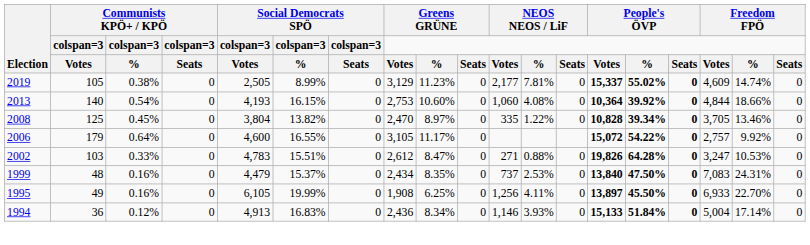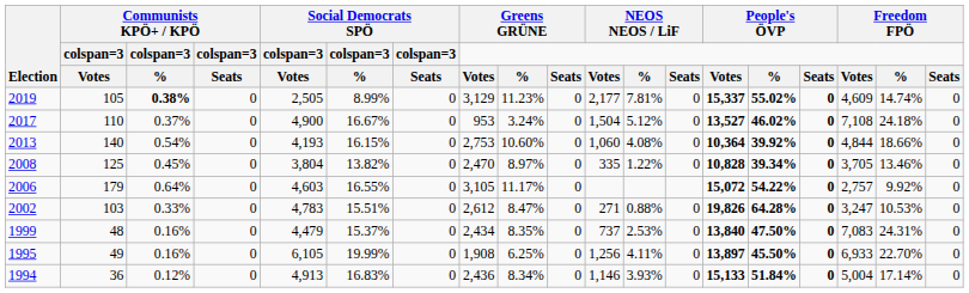 <table class="wikitable" border="1" style="font-size:100%; text-align:right;">
 <tr>
 <th style="text-align:left;" valign=bottom rowspan=3>Election</th>
 <th valign=bottom colspan=3><a href='#'>Communists</a><br>KPÖ+ / KPÖ</th>
 <th valign=bottom colspan=3><a href='#'>Social Democrats</a><br>SPÖ</th>
 <th valign=bottom colspan=3><a href='#'>Greens</a><br>GRÜNE</th>
 <th valign=bottom colspan=3><a href='#'>NEOS</a><br>NEOS / LiF</th>
 <th valign=bottom colspan=3><a href='#'>People's</a><br>ÖVP</th>
 <th valign=bottom colspan=3><a href='#'>Freedom</a><br>FPÖ</th>
 </tr>
 <tr>
 <th>colspan=3 </th>
 <th>colspan=3 </th>
 <th>colspan=3 </th>
 <th>colspan=3 </th>
 <th>colspan=3 </th>
 <th>colspan=3 </th>
 </tr>
 <tr>
 <th>Votes</th>
 <th>%</th>
 <th>Seats</th>
 <th>Votes</th>
 <th>%</th>
 <th>Seats</th>
 <th>Votes</th>
 <th>%</th>
 <th>Seats</th>
 <th>Votes</th>
 <th>%</th>
 <th>Seats</th>
 <th>Votes</th>
 <th>%</th>
 <th>Seats</th>
 <th>Votes</th>
 <th>%</th>
 <th>Seats</th>
 </tr>
 <tr>
 <td align=left><a href='#'>2019</a></td>
 <td>105</td>
-<td>0.38%</td>
+<td><strong>0.38%</strong></td>
 <td>0</td>
 <td>2,505</td>
 <td>8.99%</td>
 <td>0</td>
 <td>3,129</td>
 <td>11.23%</td>
 <td>0</td>
 <td>2,177</td>
 <td>7.81%</td>
 <td>0</td>
 <td><strong>15,337</strong></td>
 <td><strong>55.02%</strong></td>
 <td><strong>0</strong></td>
 <td>4,609</td>
 <td>14.74%</td>
+<td>0</td>
+</tr>
+<tr>
+<td align=left><a href='#'>2017</a></td>
+<td>110</td>
+<td>0.37%</td>
+<td>0</td>
+<td>4,900</td>
+<td>16.67%</td>
+<td>0</td>
+<td>953</td>
+<td>3.24%</td>
+<td>0</td>
+<td>1,504</td>
+<td>5.12%</td>
+<td>0</td>
+<td><strong>13,527</strong></td>
+<td><strong>46.02%</strong></td>
+<td><strong>0</strong></td>
+<td>7,108</td>
+<td>24.18%</td>
 <td>0</td>
 </tr>
 <tr>
 <td align=left><a href='#'>2013</a></td>
 <td>140</td>
 <td>0.54%</td>
 <td>0</td>
 <td>4,193</td>
 <td>16.15%</td>
 <td>0</td>
 <td>2,753</td>
 <td>10.60%</td>
 <td>0</td>
 <td>1,060</td>
 <td>4.08%</td>
 <td>0</td>
 <td><strong>10,364</strong></td>
 <td><strong>39.92%</strong></td>
 <td><strong>0</strong></td>
 <td>4,844</td>
 <td>18.66%</td>
 <td>0</td>
 </tr>
 <tr>
 <td align=left><a href='#'>2008</a></td>
 <td>125</td>
 <td>0.45%</td>
 <td>0</td>
 <td>3,804</td>
 <td>13.82%</td>
 <td>0</td>
 <td>2,470</td>
 <td>8.97%</td>
 <td>0</td>
 <td>335</td>
 <td>1.22%</td>
 <td>0</td>
 <td><strong>10,828</strong></td>
 <td><strong>39.34%</strong></td>
 <td><strong>0</strong></td>
 <td>3,705</td>
 <td>13.46%</td>
 <td>0</td>
 </tr>
 <tr>
 <td align=left><a href='#'>2006</a></td>
 <td>179</td>
 <td>0.64%</td>
 <td>0</td>
-<td>4,600</td>
+<td>4,603</td>
 <td>16.55%</td>
 <td>0</td>
 <td>3,105</td>
 <td>11.17%</td>
 <td>0</td>
 <td></td>
 <td></td>
 <td></td>
 <td><strong>15,072</strong></td>
 <td><strong>54.22%</strong></td>
 <td><strong>0</strong></td>
 <td>2,757</td>
 <td>9.92%</td>
 <td>0</td>
 </tr>
 <tr>
 <td align=left><a href='#'>2002</a></td>
 <td>103</td>
 <td>0.33%</td>
 <td>0</td>
 <td>4,783</td>
 <td>15.51%</td>
 <td>0</td>
 <td>2,612</td>
 <td>8.47%</td>
 <td>0</td>
 <td>271</td>
 <td>0.88%</td>
 <td>0</td>
 <td><strong>19,826</strong></td>
 <td><strong>64.28%</strong></td>
 <td><strong>0</strong></td>
 <td>3,247</td>
 <td>10.53%</td>
 <td>0</td>
 </tr>
 <tr>
 <td align=left><a href='#'>1999</a></td>
 <td>48</td>
 <td>0.16%</td>
 <td>0</td>
 <td>4,479</td>
 <td>15.37%</td>
 <td>0</td>
 <td>2,434</td>
 <td>8.35%</td>
 <td>0</td>
 <td>737</td>
 <td>2.53%</td>
 <td>0</td>
 <td><strong>13,840</strong></td>
 <td><strong>47.50%</strong></td>
 <td><strong>0</strong></td>
 <td>7,083</td>
 <td>24.31%</td>
 <td>0</td>
 </tr>
 <tr>
 <td align=left><a href='#'>1995</a></td>
 <td>49</td>
 <td>0.16%</td>
 <td>0</td>
 <td>6,105</td>
 <td>19.99%</td>
 <td>0</td>
 <td>1,908</td>
 <td>6.25%</td>
 <td>0</td>
 <td>1,256</td>
 <td>4.11%</td>
 <td>0</td>
 <td><strong>13,897</strong></td>
 <td><strong>45.50%</strong></td>
 <td><strong>0</strong></td>
 <td>6,933</td>
 <td>22.70%</td>
 <td>0</td>
 </tr>
 <tr>
 <td align=left><a href='#'>1994</a></td>
 <td>36</td>
 <td>0.12%</td>
 <td>0</td>
 <td>4,913</td>
 <td>16.83%</td>
 <td>0</td>
 <td>2,436</td>
 <td>8.34%</td>
 <td>0</td>
 <td>1,146</td>
 <td>3.93%</td>
 <td>0</td>
 <td><strong>15,133</strong></td>
 <td><strong>51.84%</strong></td>
 <td><strong>0</strong></td>
 <td>5,004</td>
 <td>17.14%</td>
 <td>0</td>
 </tr>
 </table>
